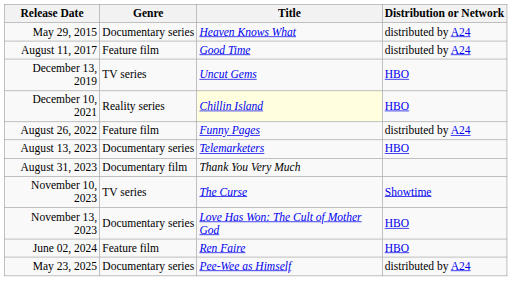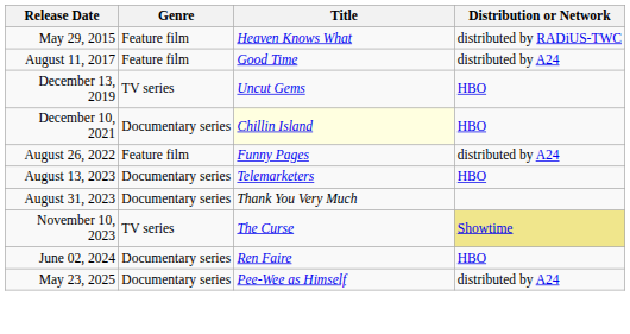 <table class="wikitable sortable">
 <tr>
 <th style="width:125px;">Release Date</th>
 <th>Genre</th>
 <th style="width:250px;">Title</th>
 <th>Distribution or Network</th>
 </tr>
 <tr>
 <td style="text-align:right;">May 29, 2015</td>
-<td>Documentary series</td>
+<td>Feature film</td>
 <td><em><a href='#'>Heaven Knows What</a></em></td>
-<td>distributed by <a href='#'>A24</a></td>
+<td>distributed by <a href='#'>RADiUS-TWC</a></td>
 </tr>
 <tr>
 <td style="text-align:right;">August 11, 2017</td>
 <td>Feature film</td>
 <td><em><a href='#'>Good Time</a></em></td>
 <td>distributed by <a href='#'>A24</a></td>
 </tr>
 <tr>
 <td style="text-align:right;">December 13, 2019</td>
 <td>TV series</td>
 <td><em><a href='#'>Uncut Gems</a></em></td>
 <td><a href='#'>HBO</a></td>
 </tr>
 <tr>
 <td style="text-align:right;">December 10, 2021</td>
-<td>Reality series</td>
+<td>Documentary series</td>
 <td style="background: lightyellow;"><em><a href='#'>Chillin Island</a></em></td>
 <td><a href='#'>HBO</a></td>
 </tr>
 <tr>
 <td style="text-align:right;">August 26, 2022</td>
 <td>Feature film</td>
 <td><em><a href='#'>Funny Pages</a></em></td>
 <td>distributed by <a href='#'>A24</a></td>
 </tr>
 <tr>
 <td style="text-align:right;">August 13, 2023</td>
 <td>Documentary series</td>
 <td><em><a href='#'>Telemarketers</a></em></td>
 <td><a href='#'>HBO</a></td>
 </tr>
 <tr>
 <td style="text-align:right;">August 31, 2023</td>
-<td>Documentary film</td>
+<td>Documentary series</td>
 <td><em>Thank You Very Much</em></td>
 <td></td>
 </tr>
 <tr>
 <td style="text-align:right;">November 10, 2023</td>
 <td>TV series</td>
 <td><em><a href='#'>The Curse</a></em></td>
-<td><a href='#'>Showtime</a></td>
-</tr>
-<tr>
-<td style="text-align:right;">November 13, 2023</td>
-<td>Documentary series</td>
-<td><em><a href='#'>Love Has Won: The Cult of Mother God</a></em></td>
-<td><a href='#'>HBO</a></td>
+<td style="background: khaki;"><a href='#'>Showtime</a></td>
 </tr>
 <tr>
 <td style="text-align:right;">June 02, 2024</td>
-<td>Feature film</td>
+<td>Documentary series</td>
 <td><em><a href='#'>Ren Faire</a></em></td>
 <td><a href='#'>HBO</a></td>
 </tr>
 <tr>
 <td style="text-align:right;">May 23, 2025</td>
 <td>Documentary series</td>
 <td><em><a href='#'>Pee-Wee as Himself</a></em></td>
 <td>distributed by <a href='#'>A24</a></td>
 </tr>
 </table>
